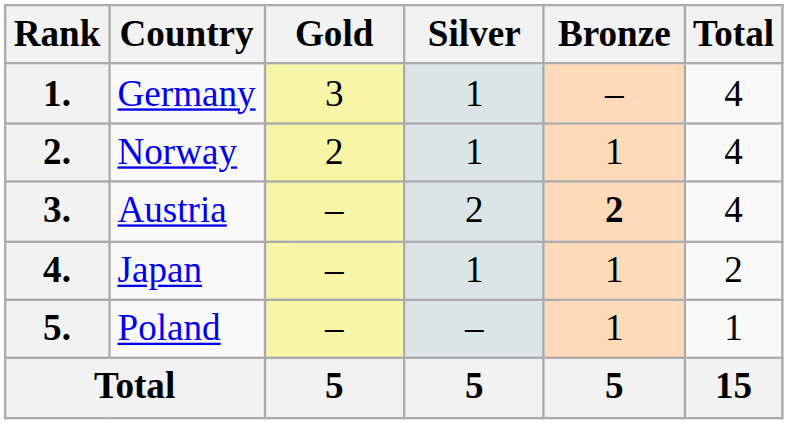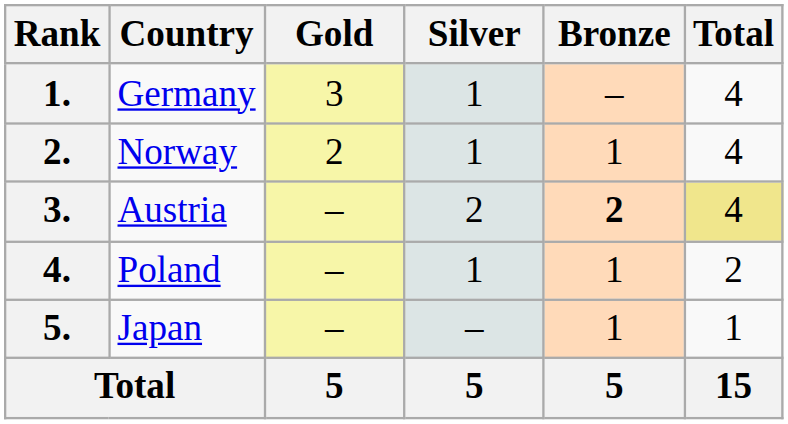 <table class="wikitable" style="border-style:solid; border-width:1px; border-color:#808080; text-align: center; width:600">
 <tr>
 <th>Rank</th>
 <th>Country</th>
 <th style="width:53px">Gold</th>
 <th style="width:53px">Silver</th>
 <th style="width:53px">Bronze</th>
 <th>Total</th>
 </tr>
 <tr valign="top">
 <th>1.</th>
 <td align="left"><a href='#'>Germany</a></td>
 <td bgcolor="F7F6A8">3</td>
 <td bgcolor="DCE5E5">1</td>
 <td bgcolor="FFDAB9">–</td>
 <td>4</td>
 </tr>
 <tr valign="top">
 <th>2.</th>
 <td align="left"><a href='#'>Norway</a></td>
 <td bgcolor="F7F6A8">2</td>
 <td bgcolor="DCE5E5">1</td>
 <td bgcolor="FFDAB9">1</td>
 <td>4</td>
 </tr>
 <tr valign="top">
 <th>3.</th>
 <td align="left"><a href='#'>Austria</a></td>
 <td bgcolor="F7F6A8">–</td>
 <td bgcolor="DCE5E5">2</td>
 <td bgcolor="FFDAB9"><strong>2</strong></td>
-<td>4</td>
+<td style="background: khaki;">4</td>
 </tr>
 <tr valign="top">
 <th>4.</th>
-<td align="left"><a href='#'>Japan</a></td>
+<td align="left"><a href='#'>Poland</a></td>
 <td bgcolor="F7F6A8">–</td>
 <td bgcolor="DCE5E5">1</td>
 <td bgcolor="FFDAB9">1</td>
 <td>2</td>
 </tr>
 <tr valign="top">
 <th>5.</th>
-<td align="left"><a href='#'>Poland</a></td>
+<td align="left"><a href='#'>Japan</a></td>
 <td bgcolor="F7F6A8">–</td>
 <td bgcolor="DCE5E5">–</td>
 <td bgcolor="FFDAB9">1</td>
 <td>1</td>
 </tr>
 <tr>
 <th colspan="2">Total</th>
 <th>5</th>
 <th>5</th>
 <th>5</th>
 <th>15</th>
 </tr>
 </table>
